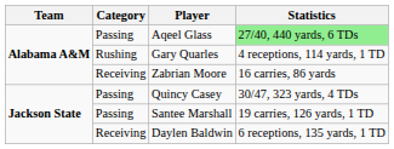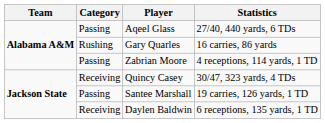 <table class="wikitable" style="float: left;">
 <tr>
 <th>Team</th>
 <th>Category</th>
 <th>Player</th>
 <th>Statistics</th>
 </tr>
 <tr>
 <td rowspan=3><strong>Alabama A&M</strong></td>
 <td>Passing</td>
 <td>Aqeel Glass</td>
-<td style="background: lightgreen;">27/40, 440 yards, 6 TDs</td>
+<td>27/40, 440 yards, 6 TDs</td>
 </tr>
 <tr>
 <td>Rushing</td>
 <td>Gary Quarles</td>
+<td>16 carries, 86 yards</td>
+</tr>
+<tr>
+<td>Passing</td>
+<td>Zabrian Moore</td>
 <td>4 receptions, 114 yards, 1 TD</td>
 </tr>
 <tr>
+<td rowspan=3><strong>Jackson State</strong></td>
 <td>Receiving</td>
-<td>Zabrian Moore</td>
-<td>16 carries, 86 yards</td>
-</tr>
-<tr>
-<td rowspan=3><strong>Jackson State</strong></td>
-<td>Passing</td>
 <td>Quincy Casey</td>
 <td>30/47, 323 yards, 4 TDs</td>
 </tr>
 <tr>
 <td>Passing</td>
 <td>Santee Marshall</td>
 <td>19 carries, 126 yards, 1 TD</td>
 </tr>
 <tr>
 <td>Receiving</td>
 <td>Daylen Baldwin</td>
 <td>6 receptions, 135 yards, 1 TD</td>
 </tr>
 </table>
